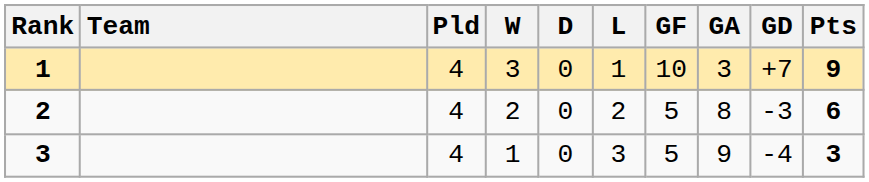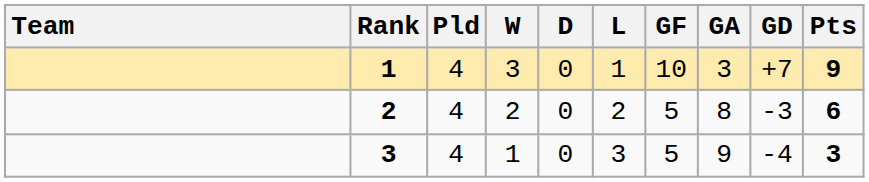 <table class="wikitable" style="text-align: center;">
 <tr>
+<th width=165 style="text-align:left;">Team</th>
 <th width=30>Rank</th>
-<th width=165 style="text-align:left;">Team</th>
 <th width=20>Pld</th>
 <th width=20>W</th>
 <th width=20>D</th>
 <th width=20>L</th>
 <th width=20>GF</th>
 <th width=20>GA</th>
 <th width=20>GD</th>
 <th width=20>Pts</th>
 </tr>
 <tr style="background:#ffebad;">
+<td style="text-align:left;"></td>
 <td><strong>1</strong></td>
-<td style="text-align:left;"></td>
 <td>4</td>
 <td>3</td>
 <td>0</td>
 <td>1</td>
 <td>10</td>
 <td>3</td>
 <td>+7</td>
 <td><strong>9</strong></td>
 </tr>
 <tr>
+<td style="text-align:left;"></td>
 <td><strong>2</strong></td>
-<td style="text-align:left;"></td>
 <td>4</td>
 <td>2</td>
 <td>0</td>
 <td>2</td>
 <td>5</td>
 <td>8</td>
 <td>-3</td>
 <td><strong>6</strong></td>
 </tr>
 <tr>
+<td style="text-align:left;"></td>
 <td><strong>3</strong></td>
-<td style="text-align:left;"></td>
 <td>4</td>
 <td>1</td>
 <td>0</td>
 <td>3</td>
 <td>5</td>
 <td>9</td>
 <td>-4</td>
 <td><strong>3</strong></td>
 </tr>
 </table>
